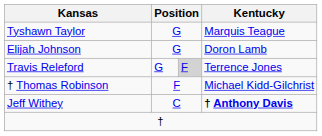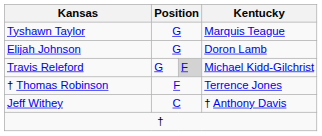 <table class="wikitable">
 <tr>
 <th style="width:200px;">Kansas</th>
 <th colspan="2">Position</th>
 <th>Kentucky</th>
 </tr>
 <tr>
 <td><a href='#'>Tyshawn Taylor</a></td>
 <td colspan="2" style="text-align:center"><a href='#'>G</a></td>
 <td><a href='#'>Marquis Teague</a></td>
 </tr>
 <tr>
 <td><a href='#'>Elijah Johnson</a></td>
 <td colspan="2" style="text-align:center"><a href='#'>G</a></td>
 <td><a href='#'>Doron Lamb</a></td>
 </tr>
 <tr>
 <td><a href='#'>Travis Releford</a></td>
 <td><a href='#'>G</a></td>
 <td style="background: lightgrey;"><a href='#'>F</a></td>
-<td><a href='#'>Terrence Jones</a></td>
+<td><a href='#'>Michael Kidd-Gilchrist</a></td>
 </tr>
 <tr>
 <td>† <a href='#'>Thomas Robinson</a></td>
 <td colspan="2" style="text-align:center"><a href='#'>F</a></td>
-<td><a href='#'>Michael Kidd-Gilchrist</a></td>
+<td><a href='#'>Terrence Jones</a></td>
 </tr>
 <tr>
 <td><a href='#'>Jeff Withey</a></td>
 <td colspan="2" style="text-align:center"><a href='#'>C</a></td>
-<td><strong>† <a href='#'>Anthony Davis</a></strong></td>
+<td>† <a href='#'>Anthony Davis</a></td>
 </tr>
 <tr>
 <td colspan="5" align=center>† </td>
 </tr>
 </table>
